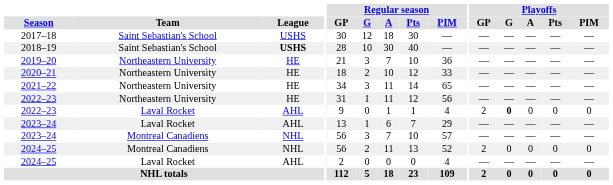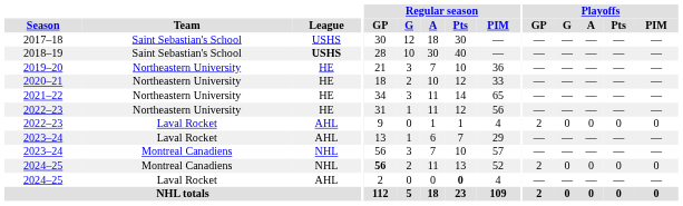 <table border="0" cellpadding="1" cellspacing="0" style="text-align:center; width:60em">
 <tr bgcolor="#e0e0e0">
 <th colspan="3" bgcolor="#ffffff"></th>
 <th rowspan="101" bgcolor="#ffffff"></th>
 <th colspan="5"><a href='#'>Regular season</a></th>
 <th rowspan="101" bgcolor="#ffffff"></th>
 <th colspan="5"><a href='#'>Playoffs</a></th>
 </tr>
 <tr bgcolor="#e0e0e0">
 <th><a href='#'>Season</a></th>
 <th>Team</th>
 <th>League</th>
 <th>GP</th>
 <th><a href='#'>G</a></th>
 <th><a href='#'>A</a></th>
 <th><a href='#'>Pts</a></th>
 <th><a href='#'>PIM</a></th>
 <th>GP</th>
 <th>G</th>
 <th>A</th>
 <th>Pts</th>
 <th>PIM</th>
 </tr>
 <tr>
 <td>2017–18</td>
 <td><a href='#'>Saint Sebastian's School</a></td>
 <td><a href='#'>USHS</a></td>
 <td>30</td>
 <td>12</td>
 <td>18</td>
 <td>30</td>
 <td>—</td>
 <td>—</td>
 <td>—</td>
 <td>—</td>
 <td>—</td>
 <td>—</td>
 </tr>
 <tr>
 </tr>
 <tr bgcolor="#f0f0f0">
 <td>2018–19</td>
 <td>Saint Sebastian's School</td>
 <td><strong>USHS</strong></td>
 <td>28</td>
 <td>10</td>
 <td>30</td>
 <td>40</td>
 <td>—</td>
 <td>—</td>
 <td>—</td>
 <td>—</td>
 <td>—</td>
 <td>—</td>
 </tr>
 <tr>
 <td><a href='#'>2019–20</a></td>
 <td><a href='#'>Northeastern University</a></td>
 <td><a href='#'> HE</a></td>
 <td>21</td>
 <td>3</td>
 <td>7</td>
 <td>10</td>
 <td>36</td>
 <td>—</td>
 <td>—</td>
 <td>—</td>
 <td>—</td>
 <td>—</td>
 </tr>
 <tr bgcolor="#f0f0f0">
 <td><a href='#'>2020–21</a></td>
 <td>Northeastern University</td>
 <td>HE</td>
 <td>18</td>
 <td>2</td>
 <td>10</td>
 <td>12</td>
 <td>33</td>
 <td>—</td>
 <td>—</td>
 <td>—</td>
 <td>—</td>
 <td>—</td>
 </tr>
 <tr>
 <td><a href='#'>2021–22</a></td>
 <td>Northeastern University</td>
 <td>HE</td>
 <td>34</td>
 <td>3</td>
 <td>11</td>
 <td>14</td>
 <td>65</td>
 <td>—</td>
 <td>—</td>
 <td>—</td>
 <td>—</td>
 <td>—</td>
 </tr>
 <tr bgcolor="#f0f0f0">
 <td><a href='#'>2022–23</a></td>
 <td>Northeastern University</td>
 <td>HE</td>
 <td>31</td>
 <td>1</td>
 <td>11</td>
 <td>12</td>
 <td>56</td>
 <td>—</td>
 <td>—</td>
 <td>—</td>
 <td>—</td>
 <td>—</td>
 </tr>
 <tr>
 <td><a href='#'>2022–23</a></td>
 <td><a href='#'>Laval Rocket</a></td>
 <td><a href='#'>AHL</a></td>
 <td>9</td>
 <td>0</td>
 <td>1</td>
 <td>1</td>
 <td>4</td>
 <td>2</td>
-<td><strong>0</strong></td>
+<td>0</td>
 <td>0</td>
 <td>0</td>
 <td>0</td>
 </tr>
 <tr bgcolor="#f0f0f0">
 <td><a href='#'>2023–24</a></td>
 <td>Laval Rocket</td>
 <td>AHL</td>
 <td>13</td>
 <td>1</td>
 <td>6</td>
 <td>7</td>
 <td>29</td>
 <td>—</td>
 <td>—</td>
 <td>—</td>
 <td>—</td>
 <td>—</td>
 </tr>
 <tr>
 <td><a href='#'>2023–24</a></td>
 <td><a href='#'>Montreal Canadiens</a></td>
 <td><a href='#'>NHL</a></td>
 <td>56</td>
 <td>3</td>
 <td>7</td>
 <td>10</td>
 <td>57</td>
 <td>—</td>
 <td>—</td>
 <td>—</td>
 <td>—</td>
 <td>—</td>
 </tr>
 <tr bgcolor="#f0f0f0">
 <td><a href='#'>2024–25</a></td>
 <td>Montreal Canadiens</td>
 <td>NHL</td>
-<td>56</td>
+<td><strong>56</strong></td>
 <td>2</td>
 <td>11</td>
 <td>13</td>
 <td>52</td>
 <td>2</td>
 <td>0</td>
 <td>0</td>
 <td>0</td>
 <td>0</td>
 </tr>
 <tr>
 <td><a href='#'>2024–25</a></td>
 <td>Laval Rocket</td>
 <td>AHL</td>
 <td>2</td>
 <td>0</td>
 <td>0</td>
-<td>0</td>
+<td><strong>0</strong></td>
 <td>4</td>
 <td>—</td>
 <td>—</td>
 <td>—</td>
 <td>—</td>
 <td>—</td>
 </tr>
 <tr bgcolor="#e0e0e0">
 <th colspan="3">NHL totals</th>
 <th>112</th>
 <th>5</th>
 <th>18</th>
 <th>23</th>
 <th>109</th>
 <th>2</th>
 <th>0</th>
 <th>0</th>
 <th>0</th>
 <th>0</th>
 </tr>
 </table>
